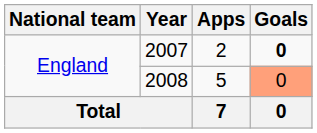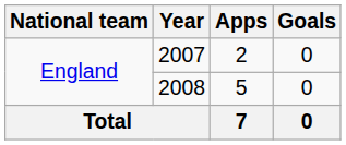 <table class=wikitable style="text-align: center;">
 <tr>
 <th>National team</th>
 <th>Year</th>
 <th>Apps</th>
 <th>Goals</th>
 </tr>
 <tr>
 <td rowspan=2><a href='#'>England</a></td>
 <td>2007</td>
 <td>2</td>
-<td><strong>0</strong></td>
+<td>0</td>
 </tr>
 <tr>
 <td>2008</td>
 <td>5</td>
-<td style="background: lightsalmon;">0</td>
+<td>0</td>
 </tr>
 <tr>
 <th colspan=2>Total</th>
 <th>7</th>
 <th>0</th>
 </tr>
 </table>
